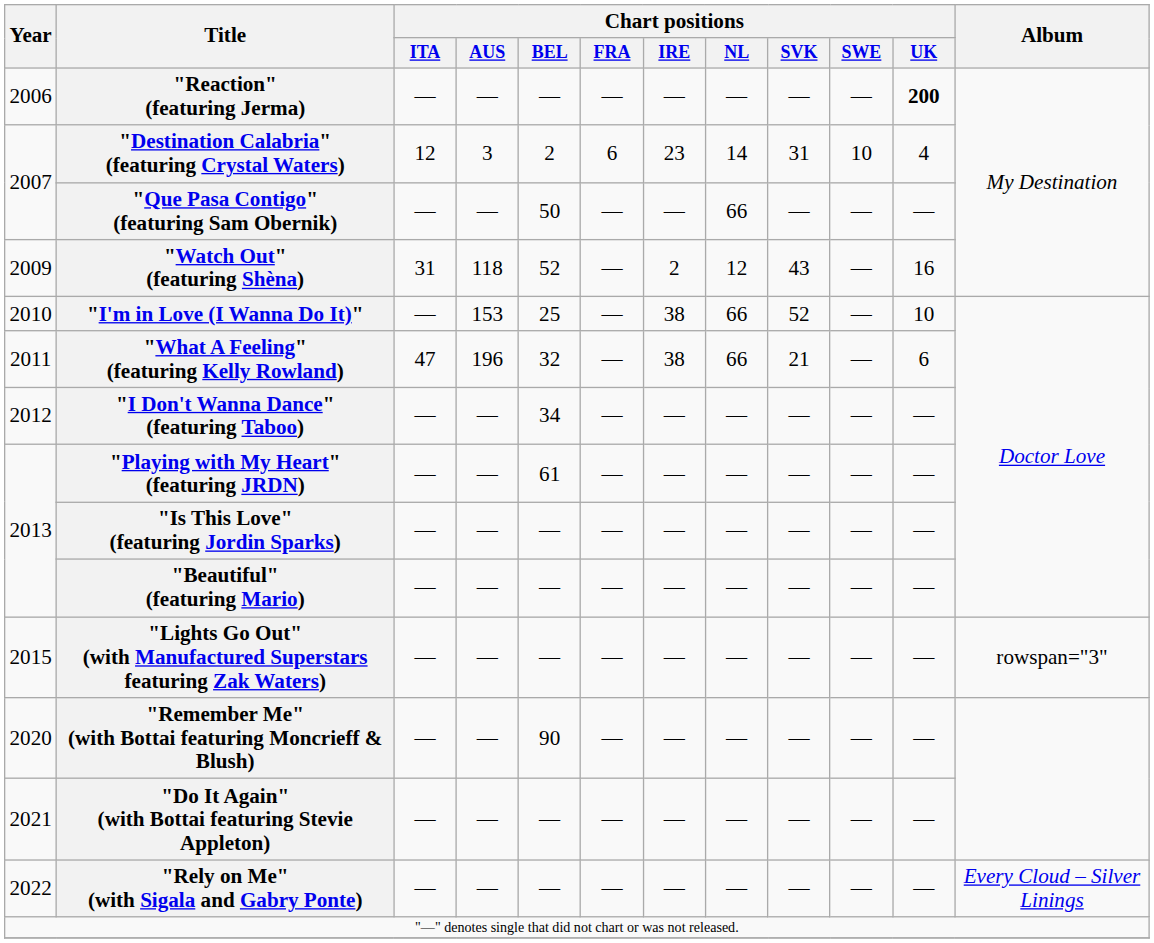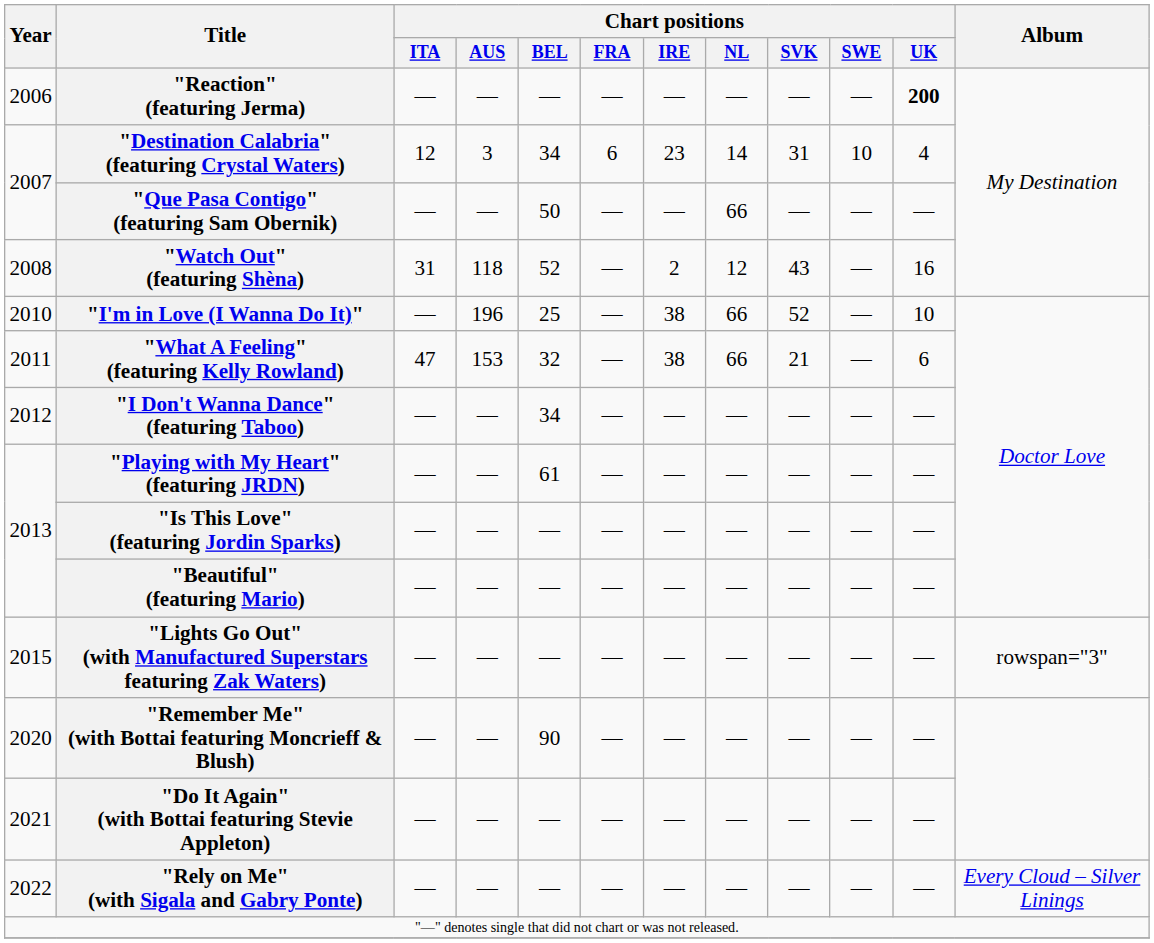 <table class="wikitable plainrowheaders" style="text-align:center;">
 <tr>
 <th scope="col" rowspan="2">Year</th>
 <th scope="col" rowspan="2">Title</th>
 <th scope="col" colspan="9">Chart positions</th>
 <th scope="col" rowspan="2">Album</th>
 </tr>
 <tr>
 <th scope="col" style="width:3em;font-size:85%;"><a href='#'>ITA</a><br></th>
 <th scope="col" style="width:3em;font-size:85%;"><a href='#'>AUS</a><br></th>
 <th scope="col" style="width:3em;font-size:85%;"><a href='#'>BEL</a><br></th>
 <th scope="col" style="width:3em;font-size:85%;"><a href='#'>FRA</a><br></th>
 <th scope="col" style="width:3em;font-size:85%;"><a href='#'>IRE</a><br></th>
 <th scope="col" style="width:3em;font-size:85%;"><a href='#'>NL</a><br></th>
 <th scope="col" style="width:3em;font-size:85%;"><a href='#'>SVK</a><br></th>
 <th scope="col" style="width:3em;font-size:85%;"><a href='#'>SWE</a><br></th>
 <th scope="col" style="width:3em;font-size:85%;"><a href='#'>UK</a><br></th>
 </tr>
 <tr>
 <td>2006</td>
 <th scope="row">"Reaction"<br><span>(featuring Jerma)</span></th>
 <td>—</td>
 <td>—</td>
 <td>—</td>
 <td>—</td>
 <td>—</td>
 <td>—</td>
 <td>—</td>
 <td>—</td>
 <td><strong>200</strong></td>
 <td rowspan="4"><em>My Destination</em></td>
 </tr>
 <tr>
 <td rowspan="2">2007</td>
 <th scope="row">"<a href='#'>Destination Calabria</a>"<br><span>(featuring <a href='#'>Crystal Waters</a>)</span></th>
 <td>12</td>
 <td>3</td>
-<td>2</td>
+<td>34</td>
 <td>6</td>
 <td>23</td>
 <td>14</td>
 <td>31</td>
 <td>10</td>
 <td>4</td>
 </tr>
 <tr>
 <th scope="row">"<a href='#'>Que Pasa Contigo</a>"<br><span>(featuring Sam Obernik)</span></th>
 <td>—</td>
 <td>—</td>
 <td>50</td>
 <td>—</td>
 <td>—</td>
 <td>66</td>
 <td>—</td>
 <td>—</td>
 <td>—</td>
 </tr>
 <tr>
-<td>2009</td>
+<td>2008</td>
 <th scope="row">"<a href='#'>Watch Out</a>"<br><span>(featuring <a href='#'>Shèna</a>)</span></th>
 <td>31</td>
 <td>118</td>
 <td>52</td>
 <td>—</td>
 <td>2</td>
 <td>12</td>
 <td>43</td>
 <td>—</td>
 <td>16</td>
 </tr>
 <tr>
 <td>2010</td>
 <th scope="row">"<a href='#'>I'm in Love (I Wanna Do It)</a>"</th>
 <td>—</td>
-<td>153</td>
+<td>196</td>
 <td>25</td>
 <td>—</td>
 <td>38</td>
 <td>66</td>
 <td>52</td>
 <td>—</td>
 <td>10</td>
 <td rowspan="6"><em><a href='#'>Doctor Love</a></em></td>
 </tr>
 <tr>
 <td>2011</td>
 <th scope="row">"<a href='#'>What A Feeling</a>"<br><span>(featuring <a href='#'>Kelly Rowland</a>)</span></th>
 <td>47</td>
-<td>196</td>
+<td>153</td>
 <td>32</td>
 <td>—</td>
 <td>38</td>
 <td>66</td>
 <td>21</td>
 <td>—</td>
 <td>6</td>
 </tr>
 <tr>
 <td>2012</td>
 <th scope="row">"<a href='#'>I Don't Wanna Dance</a>"<br><span>(featuring <a href='#'>Taboo</a>)</span></th>
 <td>—</td>
 <td>—</td>
 <td>34</td>
 <td>—</td>
 <td>—</td>
 <td>—</td>
 <td>—</td>
 <td>—</td>
 <td>—</td>
 </tr>
 <tr>
 <td rowspan="3">2013</td>
 <th scope="row">"<a href='#'>Playing with My Heart</a>"<br><span>(featuring <a href='#'>JRDN</a>)</span></th>
 <td>—</td>
 <td>—</td>
 <td>61</td>
 <td>—</td>
 <td>—</td>
 <td>—</td>
 <td>—</td>
 <td>—</td>
 <td>—</td>
 </tr>
 <tr>
 <th scope="row">"Is This Love"<br><span>(featuring <a href='#'>Jordin Sparks</a>)</span></th>
 <td>—</td>
 <td>—</td>
 <td>—</td>
 <td>—</td>
 <td>—</td>
 <td>—</td>
 <td>—</td>
 <td>—</td>
 <td>—</td>
 </tr>
 <tr>
 <th scope="row">"Beautiful" <br><span>(featuring <a href='#'>Mario</a>)</span></th>
 <td>—</td>
 <td>—</td>
 <td>—</td>
 <td>—</td>
 <td>—</td>
 <td>—</td>
 <td>—</td>
 <td>—</td>
 <td>—</td>
 </tr>
 <tr>
 <td>2015</td>
 <th scope="row">"Lights Go Out" <br><span>(with <a href='#'>Manufactured Superstars</a> featuring <a href='#'>Zak Waters</a>)</span></th>
 <td>—</td>
 <td>—</td>
 <td>—</td>
 <td>—</td>
 <td>—</td>
 <td>—</td>
 <td>—</td>
 <td>—</td>
 <td>—</td>
 <td>rowspan="3" </td>
 </tr>
 <tr>
 <td>2020</td>
 <th scope="row">"Remember Me" <br><span>(with Bottai featuring Moncrieff & Blush)</span></th>
 <td>—</td>
 <td>—</td>
 <td>90</td>
 <td>—</td>
 <td>—</td>
 <td>—</td>
 <td>—</td>
 <td>—</td>
 <td>—</td>
 </tr>
 <tr>
 <td>2021</td>
 <th scope="row">"Do It Again" <br><span>(with Bottai featuring Stevie Appleton)</span></th>
 <td>—</td>
 <td>—</td>
 <td>—</td>
 <td>—</td>
 <td>—</td>
 <td>—</td>
 <td>—</td>
 <td>—</td>
 <td>—</td>
 </tr>
 <tr>
 <td>2022</td>
 <th scope="row">"Rely on Me"<br><span>(with <a href='#'>Sigala</a> and <a href='#'>Gabry Ponte</a>)</span></th>
 <td>—</td>
 <td>—</td>
 <td>—</td>
 <td>—</td>
 <td>—</td>
 <td>—</td>
 <td>—</td>
 <td>—</td>
 <td>—</td>
 <td><em><a href='#'>Every Cloud – Silver Linings</a></em></td>
 </tr>
 <tr>
 <td colspan="20" style="font-size:8pt">"—" denotes single that did not chart or was not released.</td>
 </tr>
 <tr>
 </tr>
 </table>
